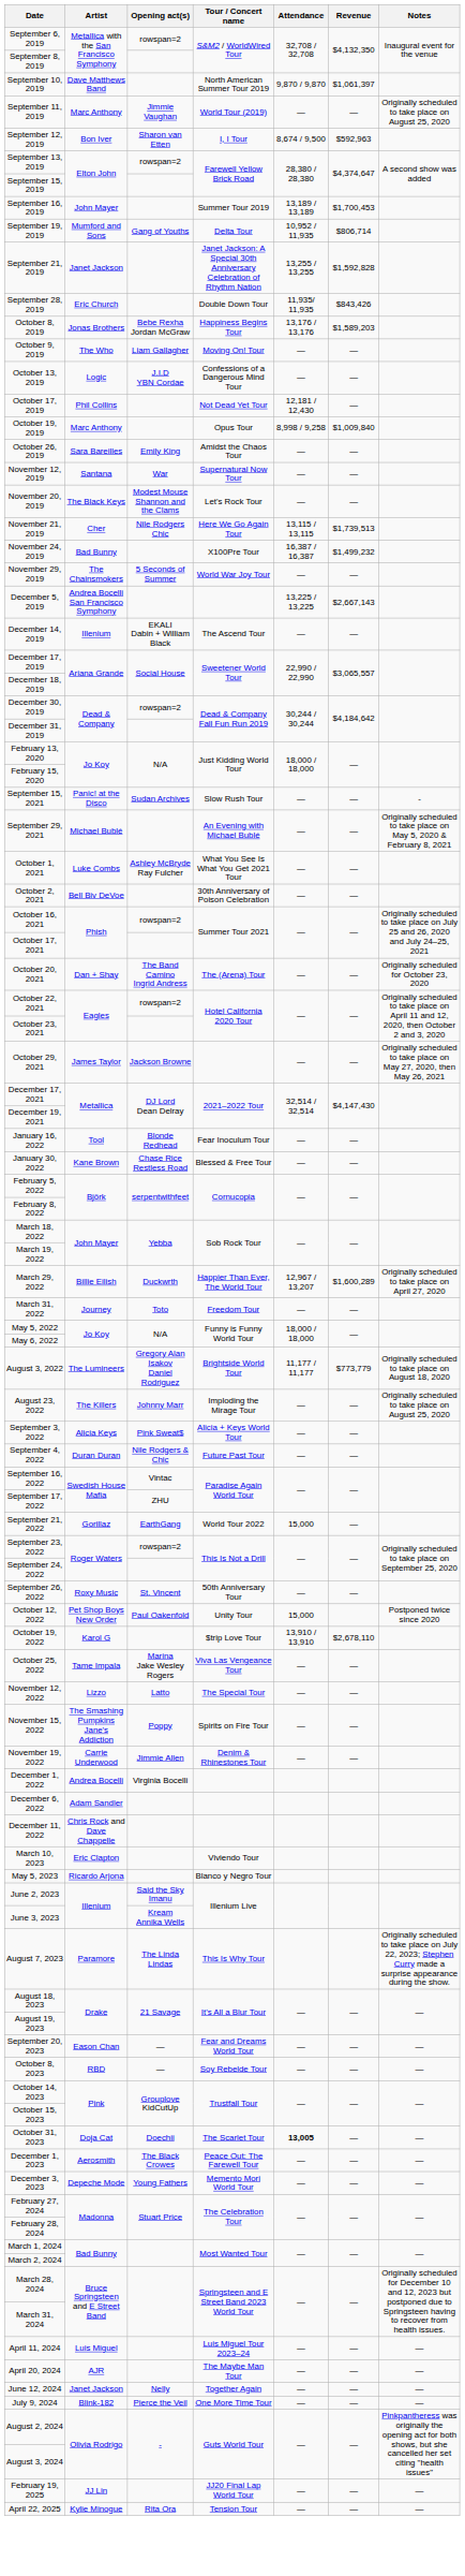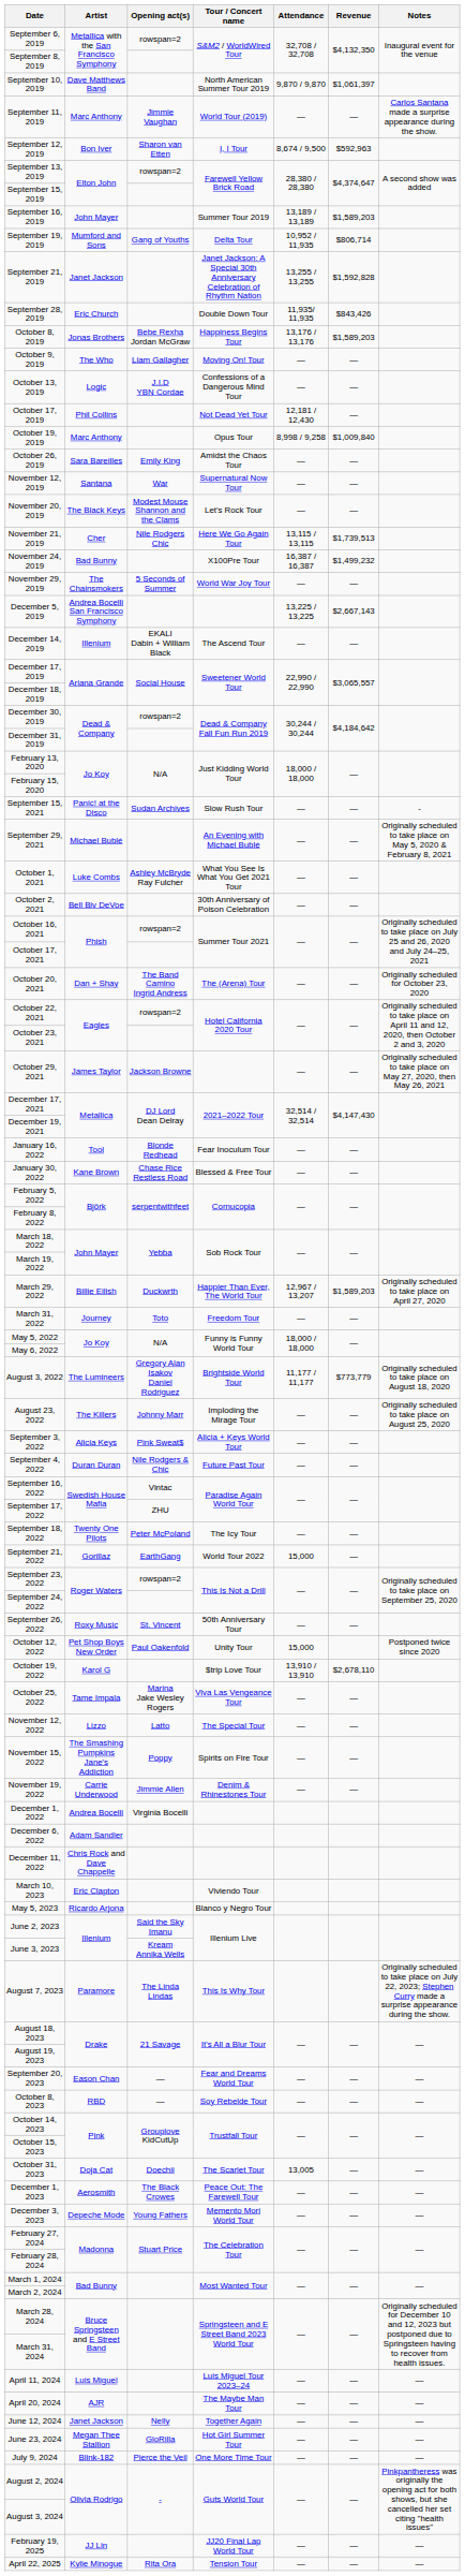 <table class="wikitable mw-collapsible autocollapse" style="text-align:center;">
 <tr>
 <th width=12% style="text-align:center;">Date</th>
 <th width=10% style="text-align:center;">Artist</th>
 <th width=10% style="text-align:center;">Opening act(s)</th>
 <th width=16% style="text-align:center;">Tour / Concert name</th>
 <th width=10% style="text-align:center;">Attendance</th>
 <th width=10% style="text-align:center;">Revenue</th>
 <th width=16% style="text-align:center;">Notes</th>
 </tr>
 <tr>
 <td>September 6, 2019</td>
 <td rowspan=2><a href='#'>Metallica</a> with the <a href='#'>San Francisco Symphony</a></td>
 <td>rowspan=2 </td>
 <td rowspan=2><em><a href='#'>S&M2</a></em> / <a href='#'>WorldWired Tour</a></td>
 <td rowspan=2>32,708 / 32,708</td>
 <td rowspan=2>$4,132,350</td>
 <td rowspan=2>Inaugural event for the venue</td>
 </tr>
 <tr>
 <td>September 8, 2019</td>
 </tr>
 <tr>
 <td>September 10, 2019</td>
 <td><a href='#'>Dave Matthews Band</a></td>
 <td></td>
 <td>North American Summer Tour 2019</td>
 <td>9,870 / 9,870</td>
 <td>$1,061,397</td>
 <td></td>
 </tr>
 <tr>
 <td>September 11, 2019</td>
 <td><a href='#'>Marc Anthony</a></td>
 <td><a href='#'>Jimmie Vaughan</a></td>
 <td><a href='#'>World Tour (2019)</a></td>
 <td>—</td>
 <td>—</td>
-<td>Originally scheduled to take place on August 25, 2020</td>
+<td><a href='#'>Carlos Santana</a> made a surprise appearance during the show.</td>
 </tr>
 <tr>
 <td>September 12, 2019</td>
 <td><a href='#'>Bon Iver</a></td>
 <td><a href='#'>Sharon van Etten</a></td>
 <td><a href='#'>I, I Tour</a></td>
 <td>8,674 / 9,500</td>
 <td>$592,963</td>
 <td></td>
 </tr>
 <tr>
 <td>September 13, 2019</td>
 <td rowspan=2><a href='#'>Elton John</a></td>
 <td>rowspan=2 </td>
 <td rowspan=2><a href='#'>Farewell Yellow Brick Road</a></td>
 <td rowspan=2>28,380 / 28,380</td>
 <td rowspan=2>$4,374,647</td>
 <td rowspan=2>A second show was added</td>
 </tr>
 <tr>
 <td>September 15, 2019</td>
 </tr>
 <tr>
 <td>September 16, 2019</td>
 <td><a href='#'>John Mayer</a></td>
 <td></td>
 <td>Summer Tour 2019</td>
 <td>13,189 / 13,189</td>
-<td>$1,700,453</td>
+<td>$1,589,203</td>
 <td></td>
 </tr>
 <tr>
 <td>September 19, 2019</td>
 <td><a href='#'>Mumford and Sons</a></td>
 <td><a href='#'>Gang of Youths</a></td>
 <td><a href='#'>Delta Tour</a></td>
 <td>10,952 / 11,935</td>
 <td>$806,714</td>
 <td></td>
 </tr>
 <tr>
 <td>September 21, 2019</td>
 <td><a href='#'>Janet Jackson</a></td>
 <td></td>
 <td><a href='#'>Janet Jackson: A Special 30th Anniversary Celebration of Rhythm Nation</a></td>
 <td>13,255 / 13,255</td>
 <td>$1,592,828</td>
 <td></td>
 </tr>
 <tr>
 <td>September 28, 2019</td>
 <td><a href='#'>Eric Church</a></td>
 <td></td>
 <td>Double Down Tour</td>
 <td>11,935/ 11,935</td>
 <td>$843,426</td>
 <td></td>
 </tr>
 <tr>
 <td>October 8, 2019</td>
 <td><a href='#'>Jonas Brothers</a></td>
 <td><a href='#'>Bebe Rexha</a> <br> Jordan McGraw</td>
 <td><a href='#'>Happiness Begins Tour</a></td>
 <td>13,176 / 13,176</td>
 <td>$1,589,203</td>
 <td></td>
 </tr>
 <tr>
 <td>October 9, 2019</td>
 <td><a href='#'>The Who</a></td>
 <td><a href='#'>Liam Gallagher</a></td>
 <td><a href='#'>Moving On! Tour</a></td>
 <td>—</td>
 <td>—</td>
 <td></td>
 </tr>
 <tr>
 <td>October 13, 2019</td>
 <td><a href='#'>Logic</a></td>
 <td><a href='#'>J.I.D</a> <br><a href='#'>YBN Cordae</a></td>
 <td>Confessions of a Dangerous Mind Tour</td>
 <td>—</td>
 <td>—</td>
 <td></td>
 </tr>
 <tr>
 <td>October 17, 2019</td>
 <td><a href='#'>Phil Collins</a></td>
 <td></td>
 <td><a href='#'>Not Dead Yet Tour</a></td>
 <td>12,181 / 12,430</td>
 <td>—</td>
 <td></td>
 </tr>
 <tr>
 <td>October 19, 2019</td>
 <td><a href='#'>Marc Anthony</a></td>
 <td></td>
 <td>Opus Tour</td>
 <td>8,998 / 9,258</td>
 <td>$1,009,840</td>
 <td></td>
 </tr>
 <tr>
 <td>October 26, 2019</td>
 <td><a href='#'>Sara Bareilles</a></td>
 <td><a href='#'>Emily King</a></td>
 <td>Amidst the Chaos Tour</td>
 <td>—</td>
 <td>—</td>
 <td></td>
 </tr>
 <tr>
 <td>November 12, 2019</td>
 <td><a href='#'>Santana</a></td>
 <td><a href='#'>War</a></td>
 <td><a href='#'>Supernatural Now Tour</a></td>
 <td>—</td>
 <td>—</td>
 <td></td>
 </tr>
 <tr>
 <td>November 20, 2019</td>
 <td><a href='#'>The Black Keys</a></td>
 <td><a href='#'>Modest Mouse</a> <br> <a href='#'>Shannon and the Clams</a></td>
 <td>Let's Rock Tour</td>
 <td>—</td>
 <td>—</td>
 <td></td>
 </tr>
 <tr>
 <td>November 21, 2019</td>
 <td><a href='#'>Cher</a></td>
 <td><a href='#'>Nile Rodgers</a> <br> <a href='#'>Chic</a></td>
 <td><a href='#'>Here We Go Again Tour</a></td>
 <td>13,115 / 13,115</td>
 <td>$1,739,513</td>
 <td></td>
 </tr>
 <tr>
 <td>November 24, 2019</td>
 <td><a href='#'>Bad Bunny</a></td>
 <td></td>
 <td>X100Pre Tour</td>
 <td>16,387 / 16,387</td>
 <td>$1,499,232</td>
 <td></td>
 </tr>
 <tr>
 <td>November 29, 2019</td>
 <td><a href='#'>The Chainsmokers</a></td>
 <td><a href='#'>5 Seconds of Summer</a></td>
 <td><a href='#'>World War Joy Tour</a></td>
 <td>—</td>
 <td>—</td>
 <td></td>
 </tr>
 <tr>
 <td>December 5, 2019</td>
 <td><a href='#'>Andrea Bocelli</a> <br> <a href='#'>San Francisco Symphony</a></td>
 <td></td>
 <td></td>
 <td>13,225 / 13,225</td>
 <td>$2,667,143</td>
 <td></td>
 </tr>
 <tr>
 <td>December 14, 2019</td>
 <td><a href='#'>Illenium</a></td>
 <td>EKALI <br> Dabin + William Black</td>
 <td>The Ascend Tour</td>
 <td>—</td>
 <td>—</td>
 <td></td>
 </tr>
 <tr>
 <td>December 17, 2019</td>
 <td rowspan=2><a href='#'>Ariana Grande</a></td>
 <td rowspan=2><a href='#'>Social House</a></td>
 <td rowspan=2><a href='#'>Sweetener World Tour</a></td>
 <td rowspan=2>22,990 / 22,990</td>
 <td rowspan=2>$3,065,557</td>
 <td rowspan=2></td>
 </tr>
 <tr>
 <td>December 18, 2019</td>
 </tr>
 <tr>
 <td>December 30, 2019</td>
 <td rowspan=2><a href='#'>Dead & Company</a></td>
 <td>rowspan=2 </td>
 <td rowspan=2><a href='#'>Dead & Company Fall Fun Run 2019</a></td>
 <td rowspan=2>30,244 / 30,244</td>
 <td rowspan=2>$4,184,642</td>
 <td rowspan=2></td>
 </tr>
 <tr>
 <td>December 31, 2019</td>
 </tr>
 <tr>
 <td>February 13, 2020</td>
 <td rowspan=2><a href='#'>Jo Koy</a></td>
 <td rowspan=2>N/A</td>
 <td rowspan=2>Just Kidding World Tour</td>
 <td rowspan=2>18,000 / 18,000</td>
 <td rowspan=2>—</td>
 <td rowspan=2></td>
 </tr>
 <tr>
 <td>February 15, 2020</td>
 </tr>
 <tr>
 <td>September 15, 2021</td>
 <td><a href='#'>Panic! at the Disco</a></td>
 <td><a href='#'>Sudan Archives</a></td>
 <td>Slow Rush Tour</td>
 <td>—</td>
 <td>—</td>
 <td>-</td>
 </tr>
 <tr>
 <td>September 29, 2021</td>
 <td><a href='#'>Michael Bublé</a></td>
 <td></td>
 <td><a href='#'>An Evening with Michael Bublé</a></td>
 <td>—</td>
 <td>—</td>
 <td>Originally scheduled to take place on May 5, 2020 & February 8, 2021</td>
 </tr>
 <tr>
 <td>October 1, 2021</td>
 <td><a href='#'>Luke Combs</a></td>
 <td><a href='#'>Ashley McBryde</a> <br> Ray Fulcher</td>
 <td>What You See Is What You Get 2021 Tour</td>
 <td>—</td>
 <td>—</td>
 <td></td>
 </tr>
 <tr>
 <td>October 2, 2021</td>
 <td><a href='#'>Bell Biv DeVoe</a></td>
 <td></td>
 <td>30th Anniversary of Poison Celebration</td>
 <td>—</td>
 <td>—</td>
 <td></td>
 </tr>
 <tr>
 <td>October 16, 2021</td>
 <td rowspan="2"><a href='#'>Phish</a></td>
 <td>rowspan=2 </td>
 <td rowspan="2">Summer Tour 2021</td>
 <td rowspan="2">—</td>
 <td rowspan="2">—</td>
 <td rowspan="2">Originally scheduled to take place on July 25 and 26, 2020 and July 24–25, 2021</td>
 </tr>
 <tr>
 <td>October 17, 2021</td>
 </tr>
 <tr>
 <td>October 20, 2021</td>
 <td><a href='#'>Dan + Shay</a></td>
 <td><a href='#'>The Band Camino</a> <br> <a href='#'>Ingrid Andress</a></td>
 <td><a href='#'>The (Arena) Tour</a></td>
 <td>—</td>
 <td>—</td>
 <td>Originally scheduled for October 23, 2020</td>
 </tr>
 <tr>
 <td>October 22, 2021</td>
 <td rowspan="2"><a href='#'>Eagles</a></td>
 <td>rowspan=2 </td>
 <td rowspan="2"><a href='#'>Hotel California 2020 Tour</a></td>
 <td rowspan="2">—</td>
 <td rowspan="2">—</td>
 <td rowspan="2">Originally scheduled to take place on April 11 and 12, 2020, then October 2 and 3, 2020</td>
 </tr>
 <tr>
 <td>October 23, 2021</td>
 </tr>
 <tr>
 <td>October 29, 2021</td>
 <td><a href='#'>James Taylor</a></td>
 <td><a href='#'>Jackson Browne</a></td>
 <td></td>
 <td>—</td>
 <td>—</td>
 <td>Originally scheduled to take place on May 27, 2020, then May 26, 2021</td>
 </tr>
 <tr>
 <td>December 17, 2021</td>
 <td rowspan=2><a href='#'>Metallica</a></td>
 <td rowspan=2><a href='#'>DJ Lord</a><br>Dean Delray</td>
 <td rowspan=2><a href='#'>2021–2022 Tour</a></td>
 <td rowspan="2">32,514 / 32,514</td>
 <td rowspan="2">$4,147,430</td>
 <td rowspan="2'"></td>
 </tr>
 <tr>
 <td>December 19, 2021</td>
 </tr>
 <tr>
 <td>January 16, 2022</td>
 <td><a href='#'>Tool</a></td>
 <td><a href='#'>Blonde Redhead</a></td>
 <td>Fear Inoculum Tour</td>
 <td>—</td>
 <td>—</td>
 <td></td>
 </tr>
 <tr>
 <td>January 30, 2022</td>
 <td><a href='#'>Kane Brown</a></td>
 <td><a href='#'>Chase Rice</a> <br> <a href='#'>Restless Road</a></td>
 <td>Blessed & Free Tour</td>
 <td>—</td>
 <td>—</td>
 <td></td>
 </tr>
 <tr>
 <td>February 5, 2022</td>
 <td rowspan=2><a href='#'>Björk</a></td>
 <td rowspan=2><a href='#'>serpentwithfeet</a></td>
 <td rowspan=2><a href='#'>Cornucopia</a></td>
 <td rowspan=2>—</td>
 <td rowspan=2>—</td>
 <td rowspan=2></td>
 </tr>
 <tr>
 <td>February 8, 2022</td>
 </tr>
 <tr>
 <td>March 18, 2022</td>
 <td rowspan="2"><a href='#'>John Mayer</a></td>
 <td rowspan="2"><a href='#'>Yebba</a></td>
 <td rowspan="2">Sob Rock Tour</td>
 <td rowspan="2">—</td>
 <td rowspan="2">—</td>
 <td rowspan="2"></td>
 </tr>
 <tr>
 <td>March 19, 2022</td>
 </tr>
 <tr>
 <td>March 29, 2022</td>
 <td><a href='#'>Billie Eilish</a></td>
 <td><a href='#'>Duckwrth</a></td>
 <td><a href='#'>Happier Than Ever, The World Tour</a></td>
 <td>12,967 / 13,207</td>
-<td>$1,600,289</td>
+<td>$1,589,203</td>
 <td>Originally scheduled to take place on April 27, 2020</td>
 </tr>
 <tr>
 <td>March 31, 2022</td>
 <td><a href='#'>Journey</a></td>
 <td><a href='#'>Toto</a></td>
 <td><a href='#'>Freedom Tour</a></td>
 <td>—</td>
 <td>—</td>
 <td></td>
 </tr>
 <tr>
 <td>May 5, 2022</td>
 <td rowspan=2><a href='#'>Jo Koy</a></td>
 <td rowspan=2>N/A</td>
 <td rowspan=2>Funny is Funny World Tour</td>
 <td rowspan=2>18,000 / 18,000</td>
 <td rowspan=2>—</td>
 <td rowspan=2></td>
 </tr>
 <tr>
 <td>May 6, 2022</td>
 </tr>
 <tr>
 <td>August 3, 2022</td>
 <td><a href='#'>The Lumineers</a></td>
 <td><a href='#'>Gregory Alan Isakov</a> <br> <a href='#'>Daniel Rodriguez</a></td>
 <td><a href='#'>Brightside World Tour</a></td>
 <td>11,177 / 11,177</td>
 <td>$773,779</td>
 <td>Originally scheduled to take place on August 18, 2020</td>
 </tr>
 <tr>
 <td>August 23, 2022</td>
 <td><a href='#'>The Killers</a></td>
 <td><a href='#'>Johnny Marr</a></td>
 <td>Imploding the Mirage Tour</td>
 <td>—</td>
 <td>—</td>
 <td>Originally scheduled to take place on August 25, 2020</td>
 </tr>
 <tr>
 <td>September 3, 2022</td>
 <td><a href='#'>Alicia Keys</a></td>
 <td><a href='#'>Pink Sweat$</a></td>
 <td><a href='#'>Alicia + Keys World Tour</a></td>
 <td>—</td>
 <td>—</td>
 <td></td>
 </tr>
 <tr>
 <td>September 4, 2022</td>
 <td><a href='#'>Duran Duran</a></td>
 <td><a href='#'>Nile Rodgers & Chic</a></td>
 <td><a href='#'>Future Past Tour</a></td>
 <td>—</td>
 <td>—</td>
 <td></td>
 </tr>
 <tr>
 <td>September 16, 2022</td>
 <td rowspan="2"><a href='#'>Swedish House Mafia</a></td>
 <td>Vintac</td>
 <td rowspan="2"><a href='#'>Paradise Again World Tour</a></td>
 <td rowspan=2>—</td>
 <td rowspan=2>—</td>
 <td rowspan=2></td>
 </tr>
 <tr>
 <td>September 17, 2022</td>
 <td>ZHU</td>
+</tr>
+<tr>
+<td>September 18, 2022</td>
+<td><a href='#'>Twenty One Pilots</a></td>
+<td><a href='#'>Peter McPoland</a></td>
+<td>The Icy Tour</td>
+<td>—</td>
+<td>—</td>
+<td></td>
 </tr>
 <tr>
 <td>September 21, 2022</td>
 <td><a href='#'>Gorillaz</a></td>
 <td><a href='#'>EarthGang</a></td>
 <td>World Tour 2022</td>
 <td>15,000</td>
 <td>—</td>
 <td></td>
 </tr>
 <tr>
 <td>September 23, 2022</td>
 <td rowspan=2><a href='#'>Roger Waters</a></td>
 <td>rowspan=2 </td>
 <td rowspan=2><a href='#'>This Is Not a Drill</a></td>
 <td rowspan=2>—</td>
 <td rowspan=2>—</td>
 <td rowspan=2>Originally scheduled to take place on September 25, 2020</td>
 </tr>
 <tr>
 <td>September 24, 2022</td>
 </tr>
 <tr>
 <td>September 26, 2022</td>
 <td><a href='#'>Roxy Music</a></td>
 <td><a href='#'>St. Vincent</a></td>
 <td>50th Anniversary Tour</td>
 <td>—</td>
 <td>—</td>
 <td></td>
 </tr>
 <tr>
 <td>October 12, 2022</td>
 <td><a href='#'>Pet Shop Boys</a><br><a href='#'>New Order</a></td>
 <td><a href='#'>Paul Oakenfold</a></td>
 <td>Unity Tour</td>
 <td>15,000</td>
 <td></td>
 <td>Postponed twice since 2020</td>
 </tr>
 <tr>
 <td>October 19, 2022</td>
 <td><a href='#'>Karol G</a></td>
 <td></td>
 <td>$trip Love Tour</td>
 <td>13,910 / 13,910</td>
 <td>$2,678,110</td>
 <td></td>
 </tr>
 <tr>
 <td>October 25, 2022</td>
 <td><a href='#'>Tame Impala</a></td>
 <td><a href='#'>Marina</a><br>Jake Wesley Rogers</td>
 <td><a href='#'>Viva Las Vengeance Tour</a></td>
 <td>—</td>
 <td>—</td>
 <td></td>
 </tr>
 <tr>
 <td>November 12, 2022</td>
 <td><a href='#'>Lizzo</a></td>
 <td><a href='#'>Latto</a></td>
 <td><a href='#'>The Special Tour</a></td>
 <td>—</td>
 <td>—</td>
 <td></td>
 </tr>
 <tr>
 <td>November 15, 2022</td>
 <td><a href='#'>The Smashing Pumpkins</a><br><a href='#'>Jane's Addiction</a></td>
 <td><a href='#'>Poppy</a></td>
 <td>Spirits on Fire Tour</td>
 <td>—</td>
 <td>—</td>
 <td></td>
 </tr>
 <tr>
 <td>November 19, 2022</td>
 <td><a href='#'>Carrie Underwood</a></td>
 <td><a href='#'>Jimmie Allen</a></td>
 <td><a href='#'>Denim & Rhinestones Tour</a></td>
 <td>—</td>
 <td>—</td>
 <td></td>
 </tr>
 <tr>
 <td>December 1, 2022</td>
 <td><a href='#'>Andrea Bocelli</a></td>
 <td>Virginia Bocelli</td>
 <td></td>
 <td></td>
 <td></td>
 <td></td>
 </tr>
 <tr>
 <td>December 6, 2022</td>
 <td><a href='#'>Adam Sandler</a></td>
 <td></td>
 <td></td>
 <td></td>
 <td></td>
 <td></td>
 </tr>
 <tr>
 <td>December 11, 2022</td>
 <td><a href='#'>Chris Rock</a> and <a href='#'>Dave Chappelle</a></td>
 <td></td>
 <td></td>
 <td></td>
 <td></td>
 <td></td>
 </tr>
 <tr>
 <td>March 10, 2023</td>
 <td><a href='#'>Eric Clapton</a></td>
 <td></td>
 <td>Viviendo Tour</td>
 <td></td>
 <td></td>
 <td></td>
 </tr>
 <tr>
 <td>May 5, 2023</td>
 <td><a href='#'>Ricardo Arjona</a></td>
 <td></td>
 <td>Blanco y Negro Tour</td>
 <td></td>
 <td></td>
 <td></td>
 </tr>
 <tr>
 <td>June 2, 2023</td>
 <td rowspan=2><a href='#'>Illenium</a></td>
 <td><a href='#'>Said the Sky</a> <br> <a href='#'>Imanu</a></td>
 <td rowspan=2>Illenium Live</td>
 <td rowspan=2></td>
 <td rowspan=2></td>
 <td rowspan=2></td>
 </tr>
 <tr>
 <td>June 3, 2023</td>
 <td><a href='#'>Kream</a> <br> <a href='#'>Annika Wells</a></td>
 </tr>
 <tr>
 <td>August 7, 2023</td>
 <td><a href='#'>Paramore</a></td>
 <td><a href='#'>The Linda Lindas</a></td>
 <td><a href='#'>This Is Why Tour</a></td>
 <td></td>
 <td></td>
 <td>Originally scheduled to take place on July 22, 2023; <a href='#'>Stephen Curry</a> made a surprise appearance during the show.</td>
 </tr>
 <tr>
 <td>August 18, 2023</td>
 <td rowspan="2"><a href='#'>Drake</a></td>
 <td rowspan="2"><a href='#'>21 Savage</a></td>
 <td rowspan="2"><a href='#'>It's All a Blur Tour</a></td>
 <td rowspan="2" align="center">—</td>
 <td rowspan="2" align="center">—</td>
 <td rowspan="2" align="center">—</td>
 </tr>
 <tr>
 <td>August 19, 2023</td>
 </tr>
 <tr>
 <td>September 20, 2023</td>
 <td><a href='#'>Eason Chan</a></td>
 <td>—</td>
 <td><a href='#'>Fear and Dreams World Tour</a></td>
 <td align="center">—</td>
 <td align="center">—</td>
 <td align="center">—</td>
 </tr>
 <tr>
 <td>October 8, 2023</td>
 <td><a href='#'>RBD</a></td>
 <td>—</td>
 <td><a href='#'>Soy Rebelde Tour</a></td>
 <td align="center">—</td>
 <td align="center">—</td>
 <td align="center">—</td>
 </tr>
 <tr>
 <td>October 14, 2023</td>
 <td rowspan="2"><a href='#'>Pink</a></td>
 <td rowspan="2"><a href='#'>Grouplove</a>  <br> KidCutUp</td>
 <td rowspan="2"><a href='#'>Trustfall Tour</a></td>
 <td rowspan="2" align="center">—</td>
 <td rowspan="2" align="center">—</td>
 <td rowspan="2" align="center">—</td>
 </tr>
 <tr>
 <td>October 15, 2023</td>
 </tr>
 <tr>
 <td>October 31, 2023</td>
 <td><a href='#'>Doja Cat</a></td>
 <td><a href='#'>Doechii</a></td>
 <td><a href='#'>The Scarlet Tour</a></td>
-<td align="center"><strong>13,005</strong></td>
+<td align="center">13,005</td>
 <td align="center">—</td>
 <td align="center">—</td>
 </tr>
 <tr>
 <td>December 1, 2023</td>
 <td><a href='#'>Aerosmith</a></td>
 <td><a href='#'>The Black Crowes</a></td>
 <td><a href='#'>Peace Out: The Farewell Tour</a></td>
 <td align="center">—</td>
 <td align="center">—</td>
 <td align="center">—</td>
 </tr>
 <tr>
 <td>December 3, 2023</td>
 <td><a href='#'>Depeche Mode</a></td>
 <td><a href='#'>Young Fathers</a></td>
 <td><a href='#'>Memento Mori World Tour</a></td>
 <td align="center">—</td>
 <td align="center">—</td>
 <td align="center">—</td>
 </tr>
 <tr>
 <td>February 27, 2024</td>
 <td rowspan="2"><a href='#'>Madonna</a></td>
 <td rowspan="2"><a href='#'>Stuart Price</a></td>
 <td rowspan="2"><a href='#'>The Celebration Tour</a></td>
 <td rowspan="2" align="center">—</td>
 <td rowspan="2" align="center">—</td>
 <td rowspan="2" align="center">—</td>
 </tr>
 <tr>
 <td>February 28, 2024</td>
 </tr>
 <tr>
 <td>March 1, 2024</td>
 <td rowspan="2"><a href='#'>Bad Bunny</a></td>
 <td rowspan="2"></td>
 <td rowspan="2"><a href='#'>Most Wanted Tour</a></td>
 <td rowspan="2" align="center">—</td>
 <td rowspan="2" align="center">—</td>
 <td rowspan="2" align="center">—</td>
 </tr>
 <tr>
 <td>March 2, 2024</td>
 </tr>
 <tr>
 <td>March 28, 2024</td>
 <td rowspan="2"><a href='#'>Bruce Springsteen</a> and <a href='#'>E Street Band</a></td>
 <td rowspan="2"></td>
 <td rowspan="2"><a href='#'>Springsteen and E Street Band 2023 World Tour</a></td>
 <td rowspan="2">—</td>
 <td rowspan="2">—</td>
 <td rowspan="2">Originally scheduled for December 10 and 12, 2023 but postponed due to Springsteen having to recover from health issues.</td>
 </tr>
 <tr>
 <td>March 31, 2024</td>
 </tr>
 <tr>
 <td>April 11, 2024</td>
 <td><a href='#'>Luis Miguel</a></td>
 <td></td>
 <td><a href='#'>Luis Miguel Tour 2023–24</a></td>
 <td align="center">—</td>
 <td align="center">—</td>
 <td align="center">—</td>
 </tr>
 <tr>
 <td>April 20, 2024</td>
 <td><a href='#'>AJR</a></td>
 <td></td>
 <td><a href='#'>The Maybe Man Tour</a></td>
 <td align="center">—</td>
 <td align="center">—</td>
 <td align="center">—</td>
 </tr>
 <tr>
 <td>June 12, 2024</td>
 <td><a href='#'>Janet Jackson</a></td>
 <td><a href='#'>Nelly</a></td>
 <td><a href='#'>Together Again</a></td>
 <td align="center">—</td>
 <td align="center">—</td>
 <td align="center">—</td>
 </tr>
 <tr>
+<td>June 23, 2024</td>
+<td><a href='#'>Megan Thee Stallion</a></td>
+<td><a href='#'>GloRilla</a></td>
+<td><a href='#'>Hot Girl Summer Tour</a></td>
+<td>—</td>
+<td>—</td>
+<td>—</td>
+</tr>
+<tr>
 <td>July 9, 2024</td>
 <td><a href='#'>Blink-182</a></td>
 <td><a href='#'>Pierce the Veil</a></td>
 <td><a href='#'>One More Time Tour</a></td>
 <td align="center">—</td>
 <td align="center">—</td>
 <td align="center">—</td>
 </tr>
 <tr>
 <td>August 2, 2024</td>
 <td rowspan="2"><a href='#'>Olivia Rodrigo</a></td>
 <td rowspan="2"><a href='#'>-</a></td>
 <td rowspan="2"><a href='#'>Guts World Tour</a></td>
 <td rowspan="2" align="center">—</td>
 <td rowspan="2" align="center">—</td>
 <td rowspan="2"><a href='#'>Pinkpantheress</a> was originally the opening act for both shows, but she cancelled her set citing "health issues"</td>
 </tr>
 <tr>
 <td>August 3, 2024</td>
 </tr>
 <tr>
 <td>February 19, 2025</td>
 <td><a href='#'>JJ Lin</a></td>
 <td></td>
 <td><a href='#'>JJ20 Final Lap World Tour</a></td>
 <td align="center">—</td>
 <td align="center">—</td>
 <td align="center">—</td>
 </tr>
 <tr>
 <td>April 22, 2025</td>
 <td><a href='#'>Kylie Minogue</a></td>
 <td><a href='#'>Rita Ora</a></td>
 <td><a href='#'>Tension Tour</a></td>
 <td align="center">—</td>
 <td align="center">—</td>
 <td align="center">—</td>
 </tr>
 </table>
